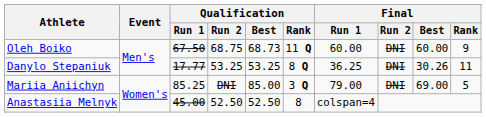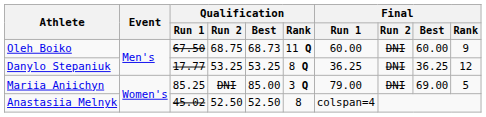 <table class=wikitable style=font-size:90%;text-align:center>
 <tr>
 <th rowspan=2>Athlete</th>
 <th rowspan=2>Event</th>
 <th colspan=4>Qualification</th>
 <th colspan=4>Final</th>
 </tr>
 <tr style=font-size:95%>
 <th>Run 1</th>
 <th>Run 2</th>
 <th>Best</th>
 <th>Rank</th>
 <th>Run 1</th>
 <th>Run 2</th>
 <th>Best</th>
 <th>Rank</th>
 </tr>
 <tr>
 <td align=left><a href='#'>Oleh Boiko</a></td>
 <td align=left rowspan=2><a href='#'>Men's</a></td>
 <td><s>67.50</s></td>
 <td>68.75</td>
 <td>68.73</td>
 <td>11 <strong>Q</strong></td>
 <td>60.00</td>
 <td><s>DNI</s></td>
 <td>60.00</td>
 <td>9</td>
 </tr>
 <tr>
 <td align=left><a href='#'>Danylo Stepaniuk</a></td>
 <td><s>17.77</s></td>
 <td>53.25</td>
 <td>53.25</td>
 <td>8 <strong>Q</strong></td>
 <td>36.25</td>
 <td><s>DNI</s></td>
-<td>30.26</td>
-<td>11</td>
+<td>36.25</td>
+<td>12</td>
 </tr>
 <tr>
 <td align=left><a href='#'>Mariia Aniichyn</a></td>
 <td align=left rowspan=2><a href='#'>Women's</a></td>
 <td>85.25</td>
 <td><s>DNI</s></td>
 <td>85.00</td>
 <td>3 <strong>Q</strong></td>
 <td>79.00</td>
 <td><s>DNI</s></td>
 <td>69.00</td>
 <td>5</td>
 </tr>
 <tr>
 <td align=left><a href='#'>Anastasiia Melnyk</a></td>
-<td><s>45.00</s></td>
+<td><s>45.02</s></td>
 <td>52.50</td>
 <td>52.50</td>
 <td>8</td>
 <td>colspan=4 </td>
 </tr>
 </table>
